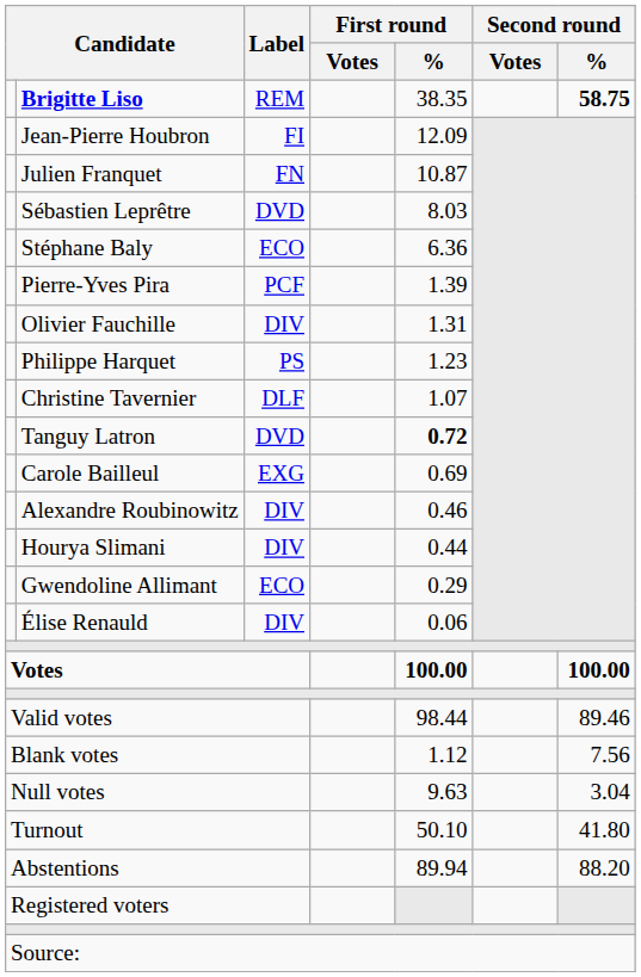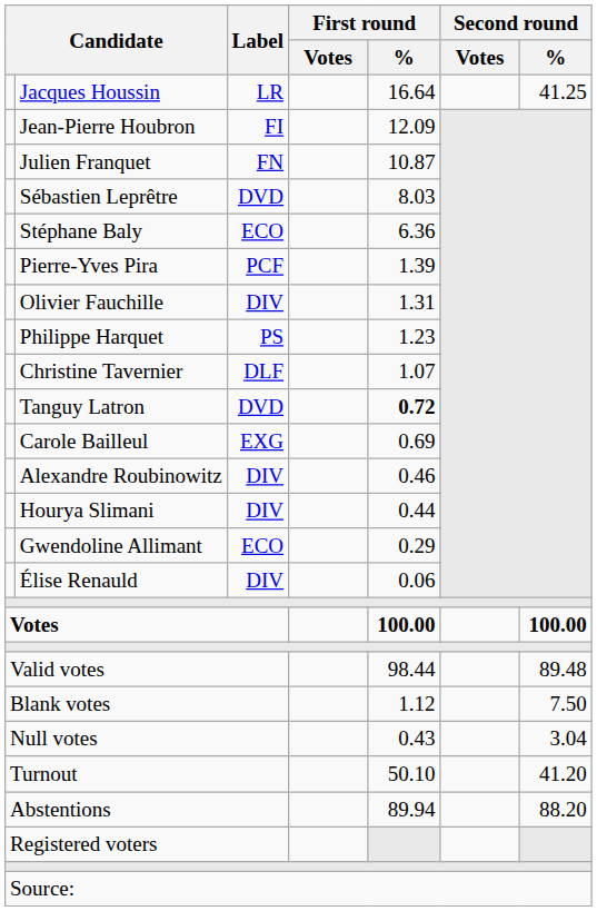 <table class="wikitable" style="text-align:right;font-size:95%;">
 <tr>
 <th rowspan="2" colspan="2">Candidate</th>
 <th rowspan="2">Label</th>
 <th colspan="2">First round</th>
 <th colspan="2">Second round</th>
 </tr>
 <tr>
 <th style="width:50px;">Votes</th>
 <th style="width:45px;">%</th>
 <th style="width:50px;">Votes</th>
 <th style="width:45px;">%</th>
 </tr>
 <tr>
 <td style="color:inherit;background:"></td>
-<td style="text-align:left;"><strong><a href='#'>Brigitte Liso</a></strong></td>
-<td><a href='#'>REM</a></td>
+<td style="text-align:left;"><a href='#'>Jacques Houssin</a></td>
+<td><a href='#'>LR</a></td>
 <td></td>
-<td>38.35</td>
-<td><strong></strong></td>
-<td><strong>58.75</strong></td>
+<td>16.64</td>
+<td></td>
+<td>41.25</td>
 </tr>
 <tr>
 <td style="color:inherit;background:"></td>
 <td style="text-align:left;">Jean-Pierre Houbron</td>
 <td><a href='#'>FI</a></td>
 <td></td>
 <td>12.09</td>
 <td colspan="2" rowspan="14" style="background:#E9E9E9;"></td>
 </tr>
 <tr>
 <td style="color:inherit;background:"></td>
 <td style="text-align:left;">Julien Franquet</td>
 <td><a href='#'>FN</a></td>
 <td></td>
 <td>10.87</td>
 </tr>
 <tr>
 <td style="color:inherit;background:"></td>
 <td style="text-align:left;">Sébastien Leprêtre</td>
 <td><a href='#'>DVD</a></td>
 <td></td>
 <td>8.03</td>
 </tr>
 <tr>
 <td style="color:inherit;background:"></td>
 <td style="text-align:left;">Stéphane Baly</td>
 <td><a href='#'>ECO</a></td>
 <td></td>
 <td>6.36</td>
 </tr>
 <tr>
 <td style="color:inherit;background:"></td>
 <td style="text-align:left;">Pierre-Yves Pira</td>
 <td><a href='#'>PCF</a></td>
 <td></td>
 <td>1.39</td>
 </tr>
 <tr>
 <td style="color:inherit;background:"></td>
 <td style="text-align:left;">Olivier Fauchille</td>
 <td><a href='#'>DIV</a></td>
 <td></td>
 <td>1.31</td>
 </tr>
 <tr>
 <td style="color:inherit;background:"></td>
 <td style="text-align:left;">Philippe Harquet</td>
 <td><a href='#'>PS</a></td>
 <td></td>
 <td>1.23</td>
 </tr>
 <tr>
 <td style="color:inherit;background:"></td>
 <td style="text-align:left;">Christine Tavernier</td>
 <td><a href='#'>DLF</a></td>
 <td></td>
 <td>1.07</td>
 </tr>
 <tr>
 <td style="color:inherit;background:"></td>
 <td style="text-align:left;">Tanguy Latron</td>
 <td><a href='#'>DVD</a></td>
 <td></td>
 <td><strong>0.72</strong></td>
 </tr>
 <tr>
 <td style="color:inherit;background:"></td>
 <td style="text-align:left;">Carole Bailleul</td>
 <td><a href='#'>EXG</a></td>
 <td></td>
 <td>0.69</td>
 </tr>
 <tr>
 <td style="color:inherit;background:"></td>
 <td style="text-align:left;">Alexandre Roubinowitz</td>
 <td><a href='#'>DIV</a></td>
 <td></td>
 <td>0.46</td>
 </tr>
 <tr>
 <td style="color:inherit;background:"></td>
 <td style="text-align:left;">Hourya Slimani</td>
 <td><a href='#'>DIV</a></td>
 <td></td>
 <td>0.44</td>
 </tr>
 <tr>
 <td style="color:inherit;background:"></td>
 <td style="text-align:left;">Gwendoline Allimant</td>
 <td><a href='#'>ECO</a></td>
 <td></td>
 <td>0.29</td>
 </tr>
 <tr>
 <td style="color:inherit;background:"></td>
 <td style="text-align:left;">Élise Renauld</td>
 <td><a href='#'>DIV</a></td>
 <td></td>
 <td>0.06</td>
 </tr>
 <tr>
 <td colspan="7" style="background:#E9E9E9;"></td>
 </tr>
 <tr style="font-weight:bold;">
 <td colspan="3" style="text-align:left;">Votes</td>
 <td></td>
 <td>100.00</td>
 <td></td>
 <td>100.00</td>
 </tr>
 <tr>
 <td colspan="7" style="background:#E9E9E9;"></td>
 </tr>
 <tr>
 <td colspan="3" style="text-align:left;">Valid votes</td>
 <td></td>
 <td>98.44</td>
 <td></td>
-<td>89.46</td>
+<td>89.48</td>
 </tr>
 <tr>
 <td colspan="3" style="text-align:left;">Blank votes</td>
 <td></td>
 <td>1.12</td>
 <td></td>
-<td>7.56</td>
+<td>7.50</td>
 </tr>
 <tr>
 <td colspan="3" style="text-align:left;">Null votes</td>
 <td></td>
-<td>9.63</td>
+<td>0.43</td>
 <td></td>
 <td>3.04</td>
 </tr>
 <tr>
 <td colspan="3" style="text-align:left;">Turnout</td>
 <td></td>
 <td>50.10</td>
 <td></td>
-<td>41.80</td>
+<td>41.20</td>
 </tr>
 <tr>
 <td colspan="3" style="text-align:left;">Abstentions</td>
 <td></td>
 <td>89.94</td>
 <td></td>
 <td>88.20</td>
 </tr>
 <tr>
 <td colspan="3" style="text-align:left;">Registered voters</td>
 <td></td>
 <td style="background:#E9E9E9;"></td>
 <td></td>
 <td style="background:#E9E9E9;"></td>
 </tr>
 <tr>
 <td colspan="7" style="background:#E9E9E9;"></td>
 </tr>
 <tr>
 <td colspan="7" style="text-align:left;">Source: </td>
 </tr>
 </table>
